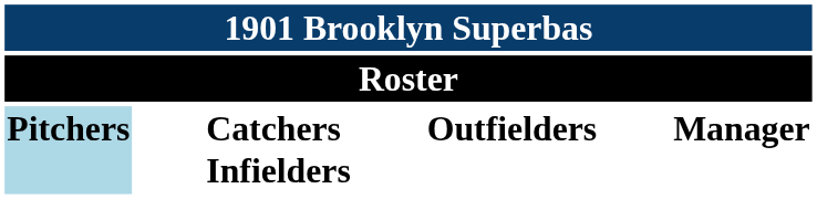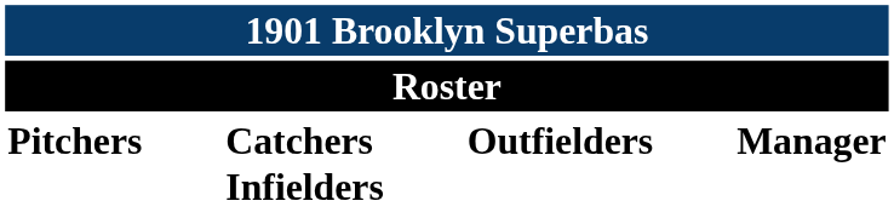 <table class="toccolours" style="font-size: 95%;">
 <tr>
 <th colspan="10" style="background-color: #083c6b; color: white; text-align: center;">1901 Brooklyn Superbas</th>
 </tr>
 <tr>
 <td colspan="10" style="background-color: black; color: white; text-align: center;"><strong>Roster</strong></td>
 </tr>
 <tr>
-<td valign="top" style="background: lightblue;"><strong>Pitchers</strong><br>        </td>
+<td valign="top"><strong>Pitchers</strong><br>        </td>
 <td width="25px"></td>
 <td valign="top"><strong>Catchers</strong><br>    <strong>Infielders</strong>      </td>
 <td width="25px"></td>
 <td valign="top"><strong>Outfielders</strong><br>    </td>
 <td width="25px"></td>
 <td valign="top"><strong>Manager</strong><br></td>
 </tr>
 </table>
